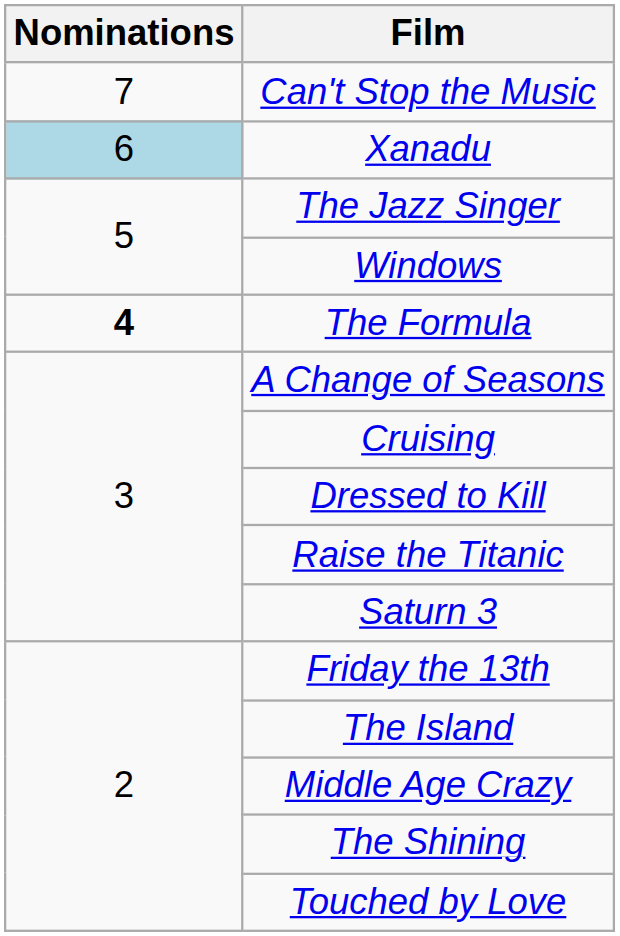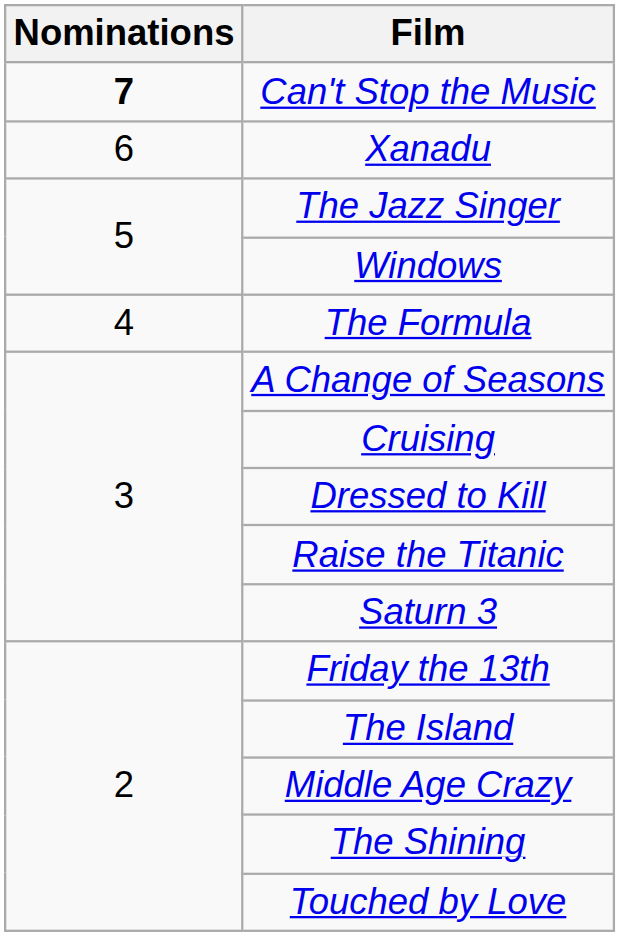 <table class="wikitable sortable" style="text-align:center;">
 <tr>
 <th scope="col" width="55">Nominations</th>
 <th scope="col" align="center">Film</th>
 </tr>
 <tr>
-<td>7</td>
+<td><strong>7</strong></td>
 <td><em><a href='#'>Can't Stop the Music</a></em></td>
 </tr>
 <tr>
-<td style="background: lightblue;">6</td>
+<td>6</td>
 <td><em><a href='#'>Xanadu</a></em></td>
 </tr>
 <tr>
 <td rowspan="2">5</td>
 <td><em><a href='#'>The Jazz Singer</a></em></td>
 </tr>
 <tr>
 <td><em><a href='#'>Windows</a></em></td>
 </tr>
 <tr>
-<td><strong>4</strong></td>
+<td>4</td>
 <td><em><a href='#'>The Formula</a></em></td>
 </tr>
 <tr>
 <td rowspan="5">3</td>
 <td><em><a href='#'>A Change of Seasons</a></em></td>
 </tr>
 <tr>
 <td><em><a href='#'>Cruising</a></em></td>
 </tr>
 <tr>
 <td><em><a href='#'>Dressed to Kill</a></em></td>
 </tr>
 <tr>
 <td><em><a href='#'>Raise the Titanic</a></em></td>
 </tr>
 <tr>
 <td><em><a href='#'>Saturn 3</a></em></td>
 </tr>
 <tr>
 <td rowspan="5">2</td>
 <td><em><a href='#'>Friday the 13th</a></em></td>
 </tr>
 <tr>
 <td><em><a href='#'>The Island</a></em></td>
 </tr>
 <tr>
 <td><em><a href='#'>Middle Age Crazy</a></em></td>
 </tr>
 <tr>
 <td><em><a href='#'>The Shining</a></em></td>
 </tr>
 <tr>
 <td><em><a href='#'>Touched by Love</a></em></td>
 </tr>
 </table>
